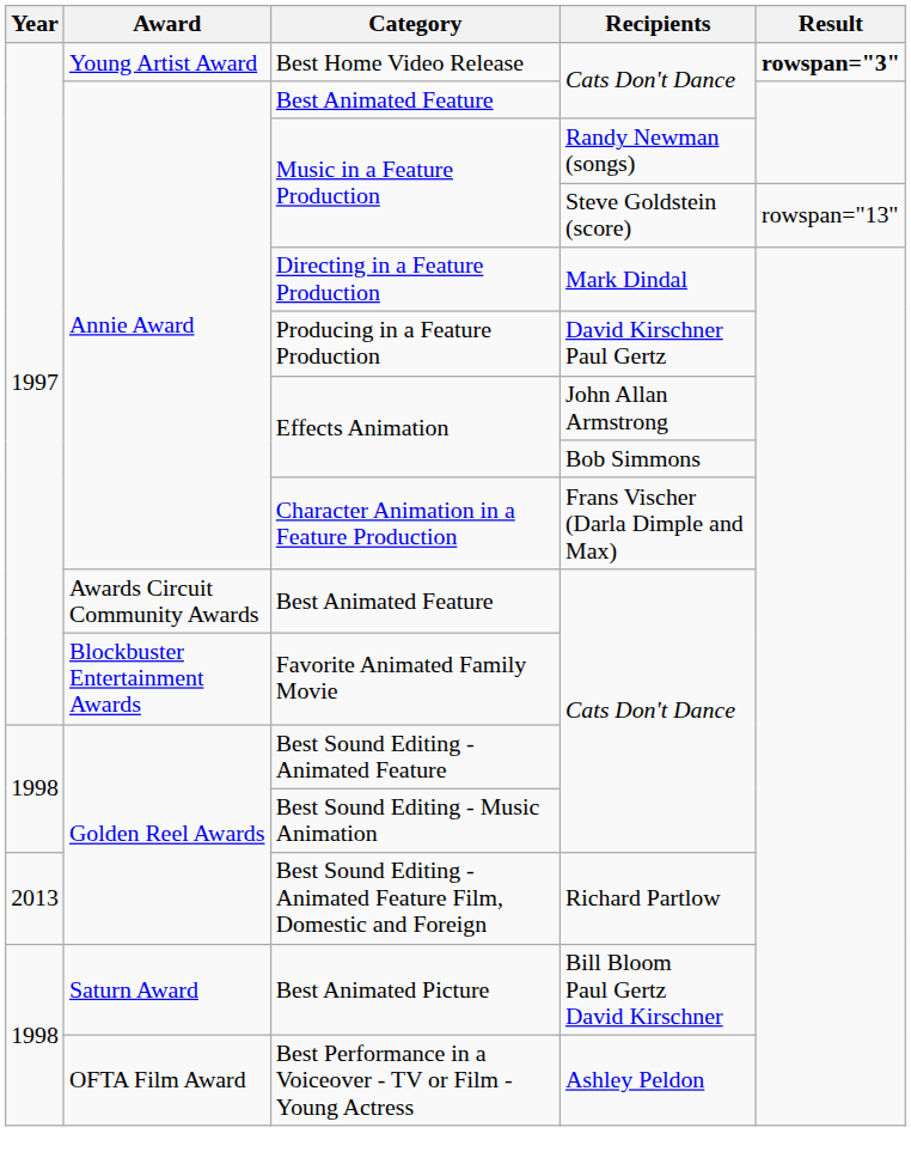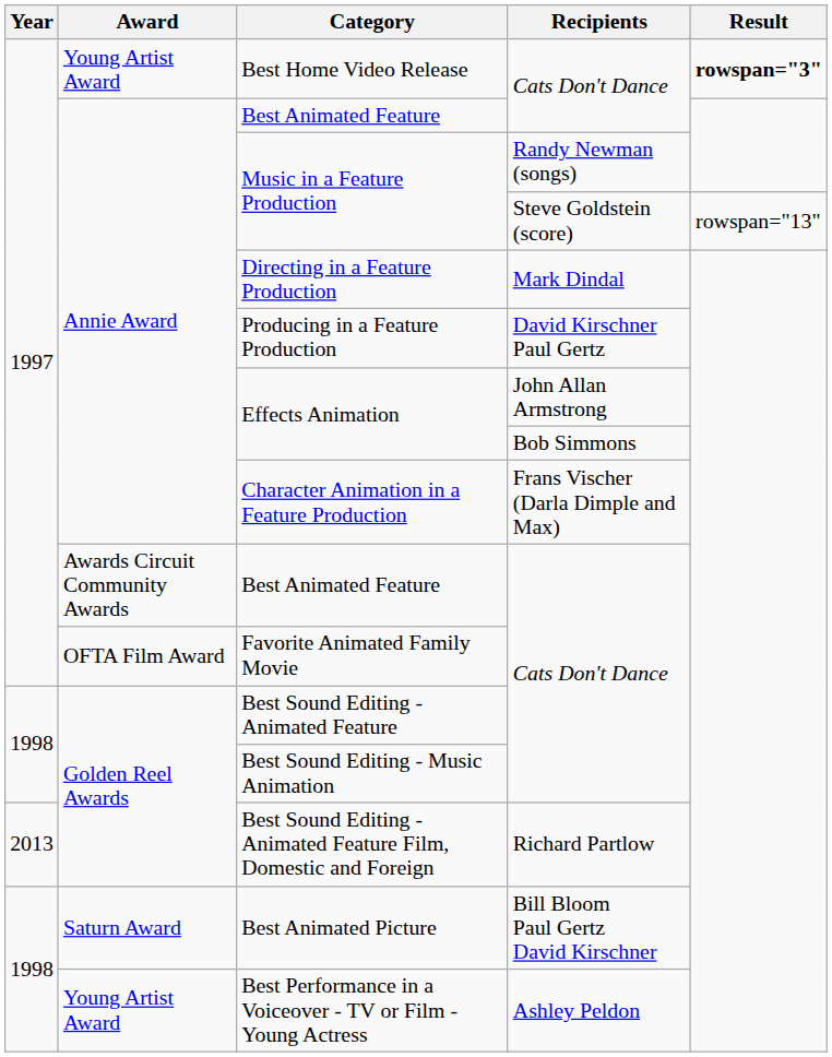 <table class="wikitable sortable">
 <tr>
 <th>Year</th>
 <th>Award</th>
 <th>Category</th>
 <th>Recipients</th>
 <th>Result</th>
 </tr>
 <tr>
 <td rowspan="11">1997</td>
 <td><a href='#'>Young Artist Award</a></td>
 <td>Best Home Video Release</td>
 <td rowspan="2"><em>Cats Don't Dance</em></td>
 <td><strong>rowspan="3" </strong></td>
 </tr>
 <tr>
 <td rowspan="8"><a href='#'>Annie Award</a></td>
 <td><a href='#'>Best Animated Feature</a></td>
 </tr>
 <tr>
 <td rowspan="2"><a href='#'>Music in a Feature Production</a></td>
 <td><a href='#'>Randy Newman</a> (songs)</td>
 </tr>
 <tr>
 <td>Steve Goldstein (score)</td>
 <td>rowspan="13" </td>
 </tr>
 <tr>
 <td><a href='#'>Directing in a Feature Production</a></td>
 <td><a href='#'>Mark Dindal</a></td>
 </tr>
 <tr>
 <td>Producing in a Feature Production</td>
 <td><a href='#'>David Kirschner</a><br>Paul Gertz</td>
 </tr>
 <tr>
 <td rowspan="2">Effects Animation</td>
 <td>John Allan Armstrong</td>
 </tr>
 <tr>
 <td>Bob Simmons</td>
 </tr>
 <tr>
 <td><a href='#'>Character Animation in a Feature Production</a></td>
 <td>Frans Vischer (Darla Dimple and Max)</td>
 </tr>
 <tr>
 <td>Awards Circuit Community Awards</td>
 <td>Best Animated Feature</td>
 <td rowspan="4"><em>Cats Don't Dance</em></td>
 </tr>
 <tr>
-<td><a href='#'>Blockbuster Entertainment Awards</a></td>
+<td>OFTA Film Award</td>
 <td>Favorite Animated Family Movie</td>
 </tr>
 <tr>
 <td rowspan="2">1998</td>
 <td rowspan="3"><a href='#'>Golden Reel Awards</a></td>
 <td>Best Sound Editing - Animated Feature</td>
 </tr>
 <tr>
 <td>Best Sound Editing - Music Animation</td>
 </tr>
 <tr>
 <td>2013</td>
 <td>Best Sound Editing - Animated Feature Film, Domestic and Foreign</td>
 <td>Richard Partlow</td>
 </tr>
 <tr>
 <td rowspan="2">1998</td>
 <td><a href='#'>Saturn Award</a></td>
 <td>Best Animated Picture</td>
 <td>Bill Bloom<br>Paul Gertz<br><a href='#'>David Kirschner</a></td>
 </tr>
 <tr>
-<td>OFTA Film Award</td>
+<td><a href='#'>Young Artist Award</a></td>
 <td>Best Performance in a Voiceover - TV or Film - Young Actress</td>
 <td><a href='#'>Ashley Peldon</a></td>
 </tr>
 </table>
